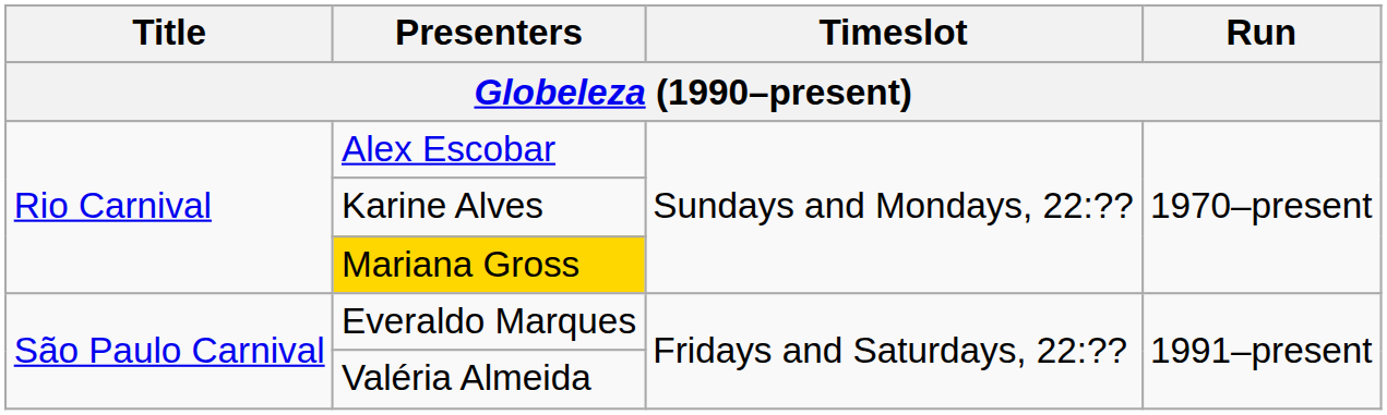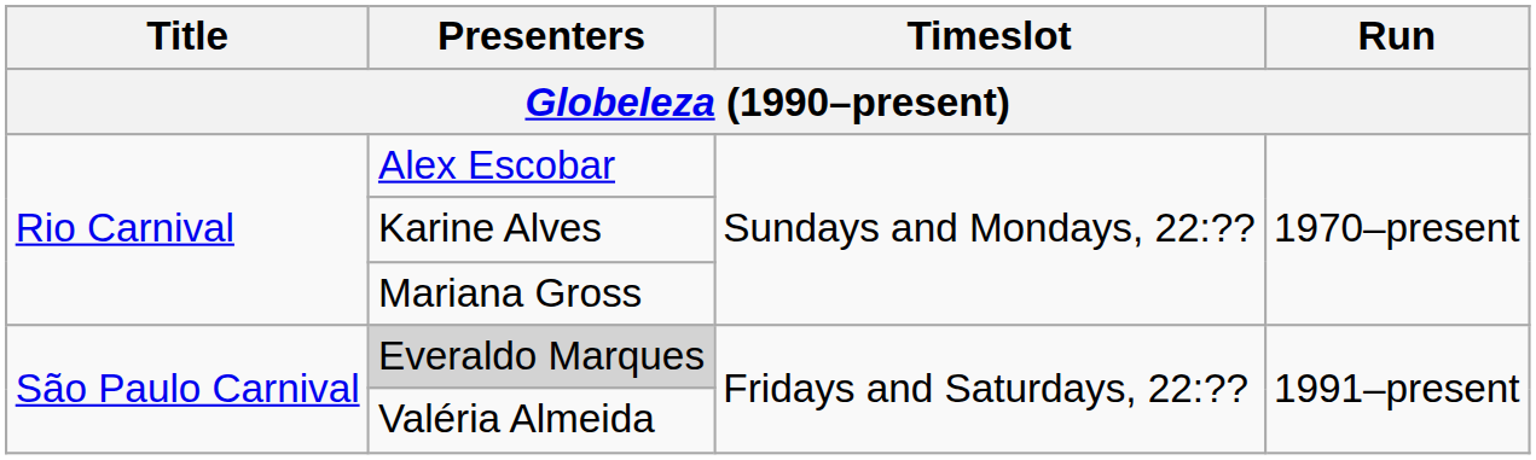 <table class="wikitable">
 <tr>
 <th>Title</th>
 <th>Presenters</th>
 <th>Timeslot</th>
 <th>Run</th>
 </tr>
 <tr>
 <th colspan="4"><em><a href='#'>Globeleza</a></em> (1990–present)</th>
 </tr>
 <tr>
 <td rowspan="3"><a href='#'>Rio Carnival</a></td>
 <td><a href='#'>Alex Escobar</a></td>
 <td rowspan="3">Sundays and Mondays, 22:??</td>
 <td rowspan="3">1970–present</td>
 </tr>
 <tr>
 <td>Karine Alves</td>
 </tr>
 <tr>
-<td style="background: gold;">Mariana Gross</td>
+<td>Mariana Gross</td>
 </tr>
 <tr>
 <td rowspan="2"><a href='#'>São Paulo Carnival</a></td>
-<td>Everaldo Marques</td>
+<td style="background: lightgrey;">Everaldo Marques</td>
 <td rowspan="2">Fridays and Saturdays, 22:??</td>
 <td rowspan="2">1991–present</td>
 </tr>
 <tr>
 <td>Valéria Almeida</td>
 </tr>
 </table>
